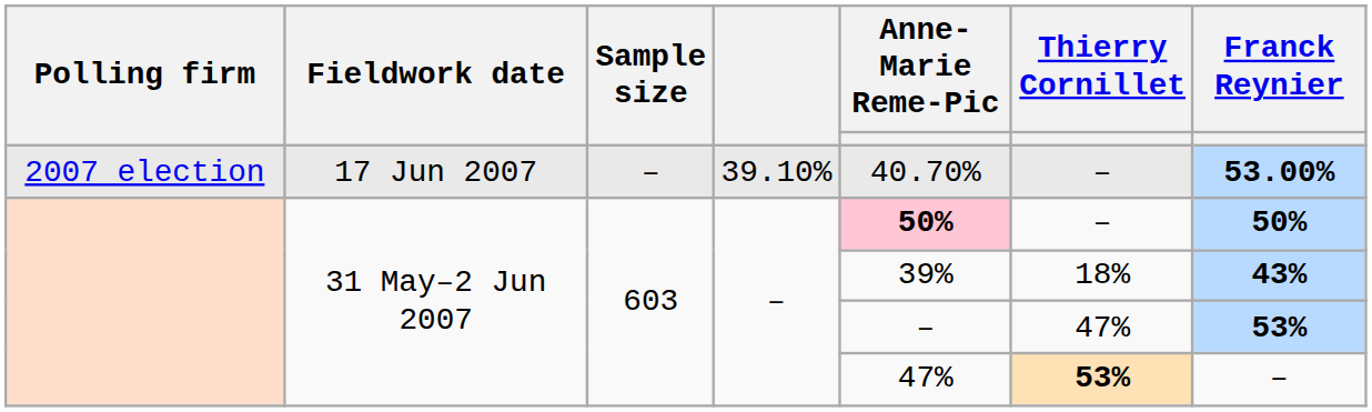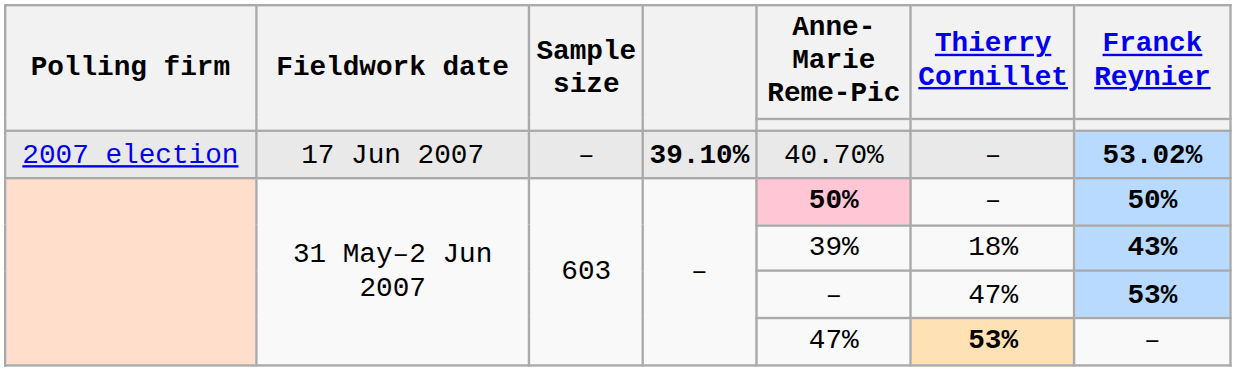 <table class="wikitable sortable" style="text-align:center;font-size:90%;line-height:14px;">
 <tr style="height:40px;">
 <th style="width:100px;" rowspan="2">Polling firm</th>
 <th style="width:110px;" rowspan="2">Fieldwork date</th>
 <th style="width:35px;" rowspan="2">Sample<br>size</th>
 <th style="width:30px;" rowspan="2"></th>
 <th class="unsortable" style="width:60px;">Anne-Marie Reme-Pic<br></th>
 <th class="unsortable" style="width:60px;"><a href='#'>Thierry Cornillet</a><br></th>
 <th class="unsortable" style="width:60px;"><a href='#'>Franck Reynier</a><br></th>
 </tr>
 <tr>
 <th style="background:"></th>
 <th style="background:"></th>
 <th style="background:"></th>
 </tr>
 <tr style="background:#E9E9E9;">
 <td><a href='#'>2007 election</a></td>
 <td data-sort-value="2007-06-17">17 Jun 2007</td>
 <td>–</td>
-<td>39.10%</td>
+<td><strong>39.10%</strong></td>
 <td>40.70%</td>
 <td>–</td>
-<td style="background:#B9DAFF;"><strong>53.00%</strong></td>
+<td style="background:#B9DAFF;"><strong>53.02%</strong></td>
 </tr>
 <tr>
 <td rowspan="4" style="background:#FFDFCC;"></td>
 <td rowspan="4" data-sort-value="2007-06-02">31 May–2 Jun 2007</td>
 <td rowspan="4">603</td>
 <td rowspan="4">–</td>
 <td style="background:#FFC6D5;"><strong>50%</strong></td>
 <td>–</td>
 <td style="background:#B9DAFF;"><strong>50%</strong></td>
 </tr>
 <tr>
 <td>39%</td>
 <td>18%</td>
 <td style="background:#B9DAFF;"><strong>43%</strong></td>
 </tr>
 <tr>
 <td>–</td>
 <td>47%</td>
 <td style="background:#B9DAFF;"><strong>53%</strong></td>
 </tr>
 <tr>
 <td>47%</td>
 <td style="background:#FFE1B6;"><strong>53%</strong></td>
 <td>–</td>
 </tr>
 </table>
